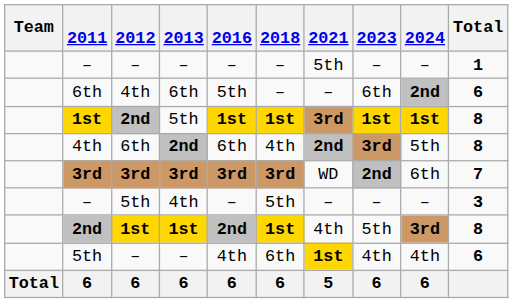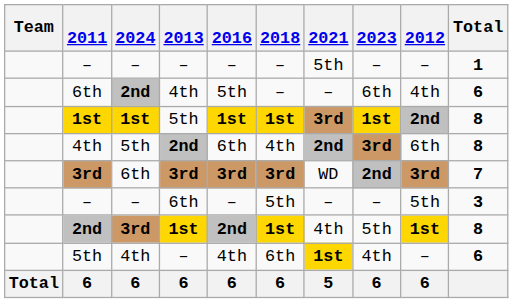 <table class=wikitable style="text-align:center">
 <tr>
 <th>Team</th>
 <th><br><a href='#'>2011</a></th>
-<th><br><a href='#'>2012</a></th>
+<th><br><a href='#'>2024</a></th>
 <th><br><a href='#'>2013</a></th>
 <th><br><a href='#'>2016</a></th>
 <th><br><a href='#'>2018</a></th>
 <th><br><a href='#'>2021</a></th>
 <th><br><a href='#'>2023</a></th>
-<th><br><a href='#'>2024</a></th>
+<th><br><a href='#'>2012</a></th>
 <th>Total</th>
 </tr>
 <tr>
 <td align=left></td>
 <td>–</td>
 <td>–</td>
 <td>–</td>
 <td>–</td>
 <td>–</td>
 <td>5th</td>
 <td>–</td>
 <td>–</td>
 <td><strong>1</strong></td>
 </tr>
 <tr>
 <td align=left></td>
 <td>6th</td>
+<td bgcolor=silver><strong>2nd</strong></td>
 <td>4th</td>
-<td>6th</td>
 <td>5th</td>
 <td>–</td>
 <td>–</td>
 <td>6th</td>
-<td bgcolor=silver><strong>2nd</strong></td>
+<td>4th</td>
 <td><strong>6</strong></td>
 </tr>
 <tr>
 <td align=left></td>
 <td bgcolor=gold><strong>1st</strong></td>
-<td bgcolor=silver><strong>2nd</strong></td>
+<td bgcolor=gold><strong>1st</strong></td>
 <td>5th</td>
 <td bgcolor=gold><strong>1st</strong></td>
 <td bgcolor=gold><strong>1st</strong></td>
 <td bgcolor=cc9966><strong>3rd</strong></td>
 <td bgcolor=gold><strong>1st</strong></td>
+<td bgcolor=silver><strong>2nd</strong></td>
+<td><strong>8</strong></td>
+</tr>
+<tr>
+<td align=left></td>
+<td>4th</td>
+<td>5th</td>
+<td bgcolor=silver><strong>2nd</strong></td>
+<td>6th</td>
+<td>4th</td>
+<td bgcolor=silver><strong>2nd</strong></td>
+<td bgcolor=cc9966><strong>3rd</strong></td>
+<td>6th</td>
+<td><strong>8</strong></td>
+</tr>
+<tr>
+<td align=left></td>
+<td bgcolor=cc9966><strong>3rd</strong></td>
+<td>6th</td>
+<td bgcolor=cc9966><strong>3rd</strong></td>
+<td bgcolor=cc9966><strong>3rd</strong></td>
+<td bgcolor=cc9966><strong>3rd</strong></td>
+<td>WD</td>
+<td bgcolor=silver><strong>2nd</strong></td>
+<td bgcolor=cc9966><strong>3rd</strong></td>
+<td><strong>7</strong></td>
+</tr>
+<tr>
+<td align=left></td>
+<td>–</td>
+<td>–</td>
+<td>6th</td>
+<td>–</td>
+<td>5th</td>
+<td>–</td>
+<td>–</td>
+<td>5th</td>
+<td><strong>3</strong></td>
+</tr>
+<tr>
+<td align=left></td>
+<td bgcolor=silver><strong>2nd</strong></td>
+<td bgcolor=cc9966><strong>3rd</strong></td>
+<td bgcolor=gold><strong>1st</strong></td>
+<td bgcolor=silver><strong>2nd</strong></td>
+<td bgcolor=gold><strong>1st</strong></td>
+<td>4th</td>
+<td>5th</td>
 <td bgcolor=gold><strong>1st</strong></td>
 <td><strong>8</strong></td>
 </tr>
 <tr>
 <td align=left></td>
-<td>4th</td>
-<td>6th</td>
-<td bgcolor=silver><strong>2nd</strong></td>
-<td>6th</td>
-<td>4th</td>
-<td bgcolor=silver><strong>2nd</strong></td>
-<td bgcolor=cc9966><strong>3rd</strong></td>
-<td>5th</td>
-<td><strong>8</strong></td>
-</tr>
-<tr>
-<td align=left></td>
-<td bgcolor=cc9966><strong>3rd</strong></td>
-<td bgcolor=cc9966><strong>3rd</strong></td>
-<td bgcolor=cc9966><strong>3rd</strong></td>
-<td bgcolor=cc9966><strong>3rd</strong></td>
-<td bgcolor=cc9966><strong>3rd</strong></td>
-<td>WD</td>
-<td bgcolor=silver><strong>2nd</strong></td>
-<td>6th</td>
-<td><strong>7</strong></td>
-</tr>
-<tr>
-<td align=left></td>
-<td>–</td>
 <td>5th</td>
 <td>4th</td>
-<td>–</td>
-<td>5th</td>
-<td>–</td>
-<td>–</td>
-<td>–</td>
-<td><strong>3</strong></td>
-</tr>
-<tr>
-<td align=left></td>
-<td bgcolor=silver><strong>2nd</strong></td>
-<td bgcolor=gold><strong>1st</strong></td>
-<td bgcolor=gold><strong>1st</strong></td>
-<td bgcolor=silver><strong>2nd</strong></td>
-<td bgcolor=gold><strong>1st</strong></td>
-<td>4th</td>
-<td>5th</td>
-<td bgcolor=cc9966><strong>3rd</strong></td>
-<td><strong>8</strong></td>
-</tr>
-<tr>
-<td align=left></td>
-<td>5th</td>
-<td>–</td>
 <td>–</td>
 <td>4th</td>
 <td>6th</td>
 <td bgcolor=gold><strong>1st</strong></td>
 <td>4th</td>
-<td>4th</td>
+<td>–</td>
 <td><strong>6</strong></td>
 </tr>
 <tr>
 <th>Total</th>
 <th>6</th>
 <th>6</th>
 <th>6</th>
 <th>6</th>
 <th>6</th>
 <th>5</th>
 <th>6</th>
 <th>6</th>
 <th></th>
 </tr>
 </table>
